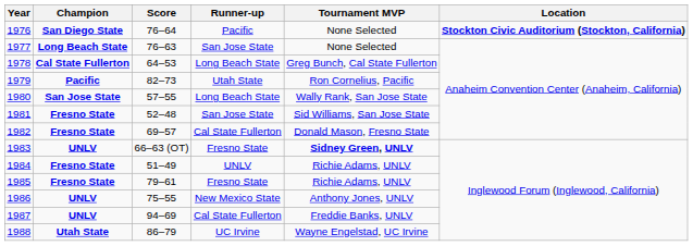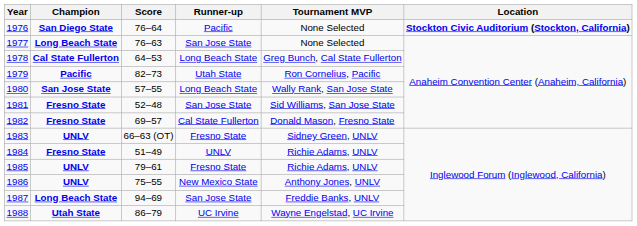 <table class="wikitable sortable" style="text-align:center">
 <tr>
 <th width=px>Year</th>
 <th width=px>Champion</th>
 <th width=px>Score</th>
 <th width=px>Runner-up</th>
 <th width=px>Tournament MVP</th>
 <th width=px>Location</th>
 </tr>
 <tr>
 <td><a href='#'>1976</a></td>
 <td><strong><a href='#'>San Diego State</a></strong></td>
 <td>76–64</td>
 <td><a href='#'>Pacific</a></td>
 <td>None Selected</td>
 <td><strong><a href='#'>Stockton Civic Auditorium</a> (<a href='#'>Stockton, California</a>)</strong></td>
 </tr>
 <tr>
 <td><a href='#'>1977</a></td>
 <td><strong><a href='#'>Long Beach State</a></strong></td>
 <td>76–63</td>
 <td><a href='#'>San Jose State</a></td>
 <td>None Selected</td>
 <td rowspan=6><a href='#'>Anaheim Convention Center</a> (<a href='#'>Anaheim, California</a>)</td>
 </tr>
 <tr>
 <td><a href='#'>1978</a></td>
 <td><strong><a href='#'>Cal State Fullerton</a></strong></td>
 <td>64–53</td>
 <td><a href='#'>Long Beach State</a></td>
 <td><a href='#'>Greg Bunch</a>, <a href='#'>Cal State Fullerton</a></td>
 </tr>
 <tr>
 <td><a href='#'>1979</a></td>
 <td><strong><a href='#'>Pacific</a></strong></td>
 <td>82–73</td>
 <td><a href='#'>Utah State</a></td>
 <td><a href='#'>Ron Cornelius</a>, <a href='#'>Pacific</a></td>
 </tr>
 <tr>
 <td><a href='#'>1980</a></td>
 <td><strong><a href='#'>San Jose State</a></strong></td>
 <td>57–55</td>
 <td><a href='#'>Long Beach State</a></td>
 <td><a href='#'>Wally Rank</a>, <a href='#'>San Jose State</a></td>
 </tr>
 <tr>
 <td><a href='#'>1981</a></td>
 <td><strong><a href='#'>Fresno State</a></strong></td>
 <td>52–48</td>
 <td><a href='#'>San Jose State</a></td>
 <td><a href='#'>Sid Williams</a>, <a href='#'>San Jose State</a></td>
 </tr>
 <tr>
 <td><a href='#'>1982</a></td>
 <td><strong><a href='#'>Fresno State</a></strong></td>
 <td>69–57</td>
 <td><a href='#'>Cal State Fullerton</a></td>
 <td><a href='#'>Donald Mason</a>, <a href='#'>Fresno State</a></td>
 </tr>
 <tr>
 <td><a href='#'>1983</a></td>
 <td><strong><a href='#'>UNLV</a></strong></td>
 <td>66–63 (OT)</td>
 <td><a href='#'>Fresno State</a></td>
-<td><strong><a href='#'>Sidney Green</a>, <a href='#'>UNLV</a></strong></td>
+<td><a href='#'>Sidney Green</a>, <a href='#'>UNLV</a></td>
 <td rowspan=6><a href='#'>Inglewood Forum</a> (<a href='#'>Inglewood, California</a>)</td>
 </tr>
 <tr>
 <td><a href='#'>1984</a></td>
 <td><strong><a href='#'>Fresno State</a></strong></td>
 <td>51–49</td>
 <td><a href='#'>UNLV</a></td>
 <td><a href='#'>Richie Adams</a>, <a href='#'>UNLV</a></td>
 </tr>
 <tr>
 <td><a href='#'>1985</a></td>
-<td><strong><a href='#'>Fresno State</a></strong></td>
+<td><strong><a href='#'>UNLV</a></strong></td>
 <td>79–61</td>
 <td><a href='#'>Fresno State</a></td>
 <td><a href='#'>Richie Adams</a>, <a href='#'>UNLV</a></td>
 </tr>
 <tr>
 <td><a href='#'>1986</a></td>
 <td><strong><a href='#'>UNLV</a></strong></td>
 <td>75–55</td>
 <td><a href='#'>New Mexico State</a></td>
 <td><a href='#'>Anthony Jones</a>, <a href='#'>UNLV</a></td>
 </tr>
 <tr>
 <td><a href='#'>1987</a></td>
-<td><strong><a href='#'>UNLV</a></strong></td>
+<td><strong><a href='#'>Long Beach State</a></strong></td>
 <td>94–69</td>
-<td><a href='#'>Cal State Fullerton</a></td>
+<td><a href='#'>San Jose State</a></td>
 <td><a href='#'>Freddie Banks</a>, <a href='#'>UNLV</a></td>
 </tr>
 <tr>
 <td><a href='#'>1988</a></td>
 <td><strong><a href='#'>Utah State</a></strong></td>
 <td>86–79</td>
 <td><a href='#'>UC Irvine</a></td>
 <td><a href='#'>Wayne Engelstad</a>, <a href='#'>UC Irvine</a></td>
 </tr>
 </table>
